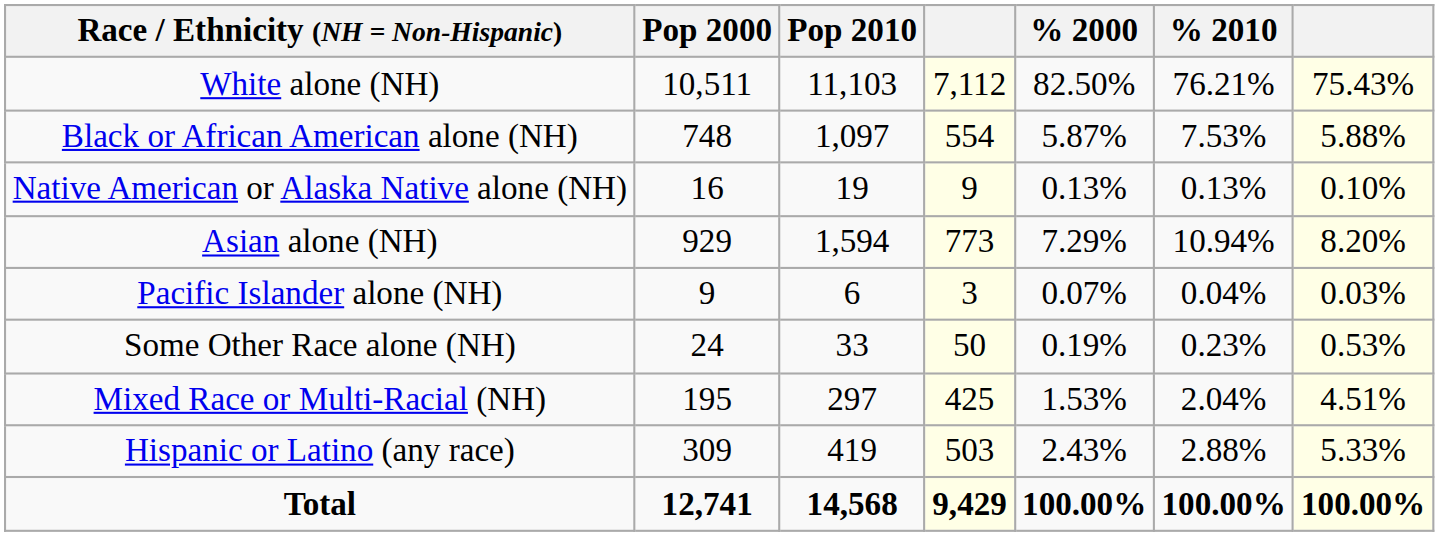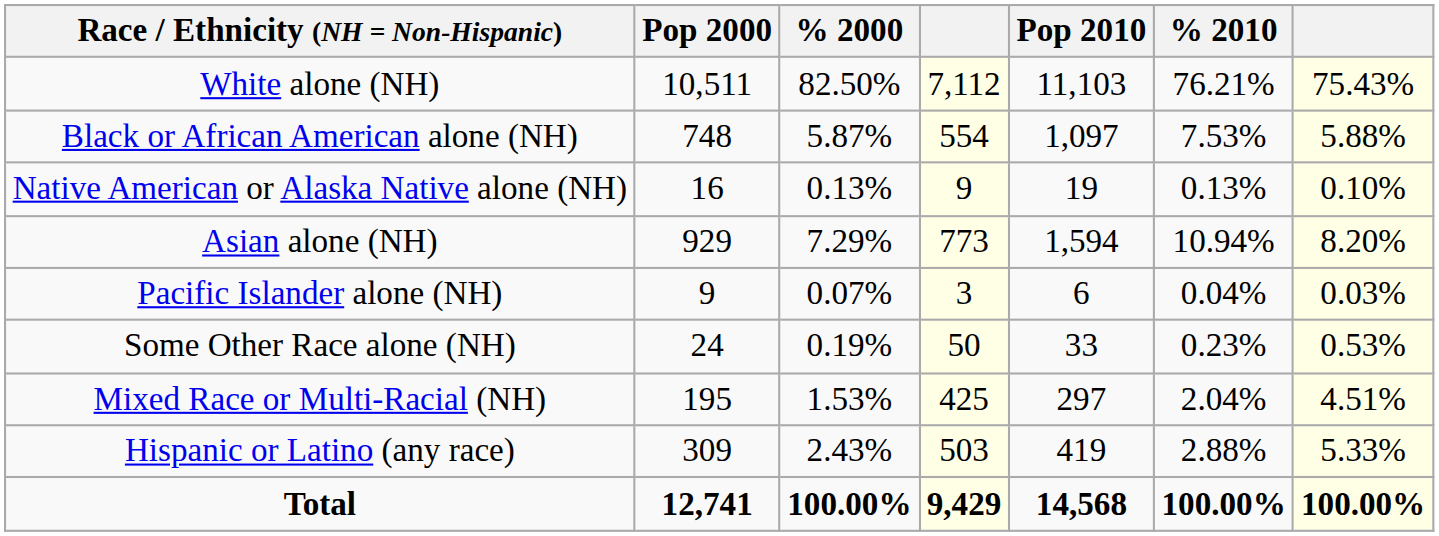 <table class="wikitable" style="text-align:center;">
 <tr>
 <th>Race / Ethnicity <small>(<em>NH = Non-Hispanic</em>)</small></th>
 <th>Pop 2000</th>
+<th>% 2000</th>
+<th></th>
 <th>Pop 2010</th>
-<th></th>
-<th>% 2000</th>
 <th>% 2010</th>
 <th></th>
 </tr>
 <tr>
 <td><a href='#'>White</a> alone (NH)</td>
 <td>10,511</td>
+<td>82.50%</td>
+<td style='background: #ffffe6;'>7,112</td>
 <td>11,103</td>
-<td style='background: #ffffe6;'>7,112</td>
-<td>82.50%</td>
 <td>76.21%</td>
 <td style='background: #ffffe6;'>75.43%</td>
 </tr>
 <tr>
 <td><a href='#'>Black or African American</a> alone (NH)</td>
 <td>748</td>
+<td>5.87%</td>
+<td style='background: #ffffe6;'>554</td>
 <td>1,097</td>
-<td style='background: #ffffe6;'>554</td>
-<td>5.87%</td>
 <td>7.53%</td>
 <td style='background: #ffffe6;'>5.88%</td>
 </tr>
 <tr>
 <td><a href='#'>Native American</a> or <a href='#'>Alaska Native</a> alone (NH)</td>
 <td>16</td>
+<td>0.13%</td>
+<td style='background: #ffffe6;'>9</td>
 <td>19</td>
-<td style='background: #ffffe6;'>9</td>
-<td>0.13%</td>
 <td>0.13%</td>
 <td style='background: #ffffe6;'>0.10%</td>
 </tr>
 <tr>
 <td><a href='#'>Asian</a> alone (NH)</td>
 <td>929</td>
+<td>7.29%</td>
+<td style='background: #ffffe6;'>773</td>
 <td>1,594</td>
-<td style='background: #ffffe6;'>773</td>
-<td>7.29%</td>
 <td>10.94%</td>
 <td style='background: #ffffe6;'>8.20%</td>
 </tr>
 <tr>
 <td><a href='#'>Pacific Islander</a> alone (NH)</td>
 <td>9</td>
+<td>0.07%</td>
+<td style='background: #ffffe6;'>3</td>
 <td>6</td>
-<td style='background: #ffffe6;'>3</td>
-<td>0.07%</td>
 <td>0.04%</td>
 <td style='background: #ffffe6;'>0.03%</td>
 </tr>
 <tr>
 <td>Some Other Race alone (NH)</td>
 <td>24</td>
+<td>0.19%</td>
+<td style='background: #ffffe6;'>50</td>
 <td>33</td>
-<td style='background: #ffffe6;'>50</td>
-<td>0.19%</td>
 <td>0.23%</td>
 <td style='background: #ffffe6;'>0.53%</td>
 </tr>
 <tr>
 <td><a href='#'>Mixed Race or Multi-Racial</a> (NH)</td>
 <td>195</td>
+<td>1.53%</td>
+<td style='background: #ffffe6;'>425</td>
 <td>297</td>
-<td style='background: #ffffe6;'>425</td>
-<td>1.53%</td>
 <td>2.04%</td>
 <td style='background: #ffffe6;'>4.51%</td>
 </tr>
 <tr>
 <td><a href='#'>Hispanic or Latino</a> (any race)</td>
 <td>309</td>
+<td>2.43%</td>
+<td style='background: #ffffe6;'>503</td>
 <td>419</td>
-<td style='background: #ffffe6;'>503</td>
-<td>2.43%</td>
 <td>2.88%</td>
 <td style='background: #ffffe6;'>5.33%</td>
 </tr>
 <tr>
 <td><strong>Total</strong></td>
 <td><strong>12,741</strong></td>
+<td><strong>100.00%</strong></td>
+<td style='background: #ffffe6;'><strong>9,429</strong></td>
 <td><strong>14,568</strong></td>
-<td style='background: #ffffe6;'><strong>9,429</strong></td>
-<td><strong>100.00%</strong></td>
 <td><strong>100.00%</strong></td>
 <td style='background: #ffffe6;'><strong>100.00%</strong></td>
 </tr>
 </table>
